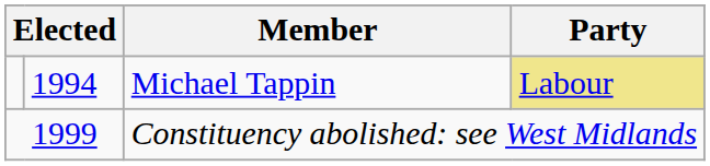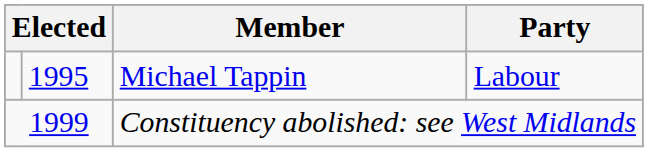 <table class="wikitable">
 <tr>
 <th colspan = "2">Elected</th>
 <th>Member</th>
 <th>Party</th>
 </tr>
 <tr>
 <td style="background-color: "></td>
-<td><a href='#'>1994</a></td>
+<td><a href='#'>1995</a></td>
 <td><a href='#'>Michael Tappin</a></td>
-<td style="background: khaki;"><a href='#'>Labour</a></td>
+<td><a href='#'>Labour</a></td>
 </tr>
 <tr>
 <td colspan="2" align="center"><a href='#'>1999</a></td>
 <td colspan="2"><em>Constituency abolished: see <a href='#'>West Midlands</a></em></td>
 </tr>
 </table>
